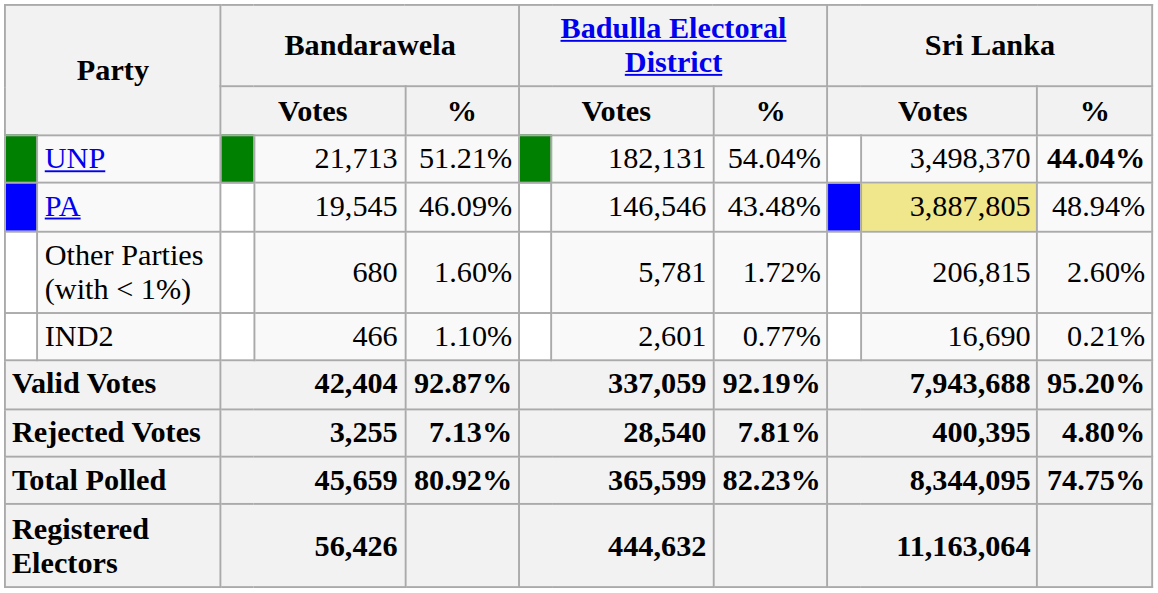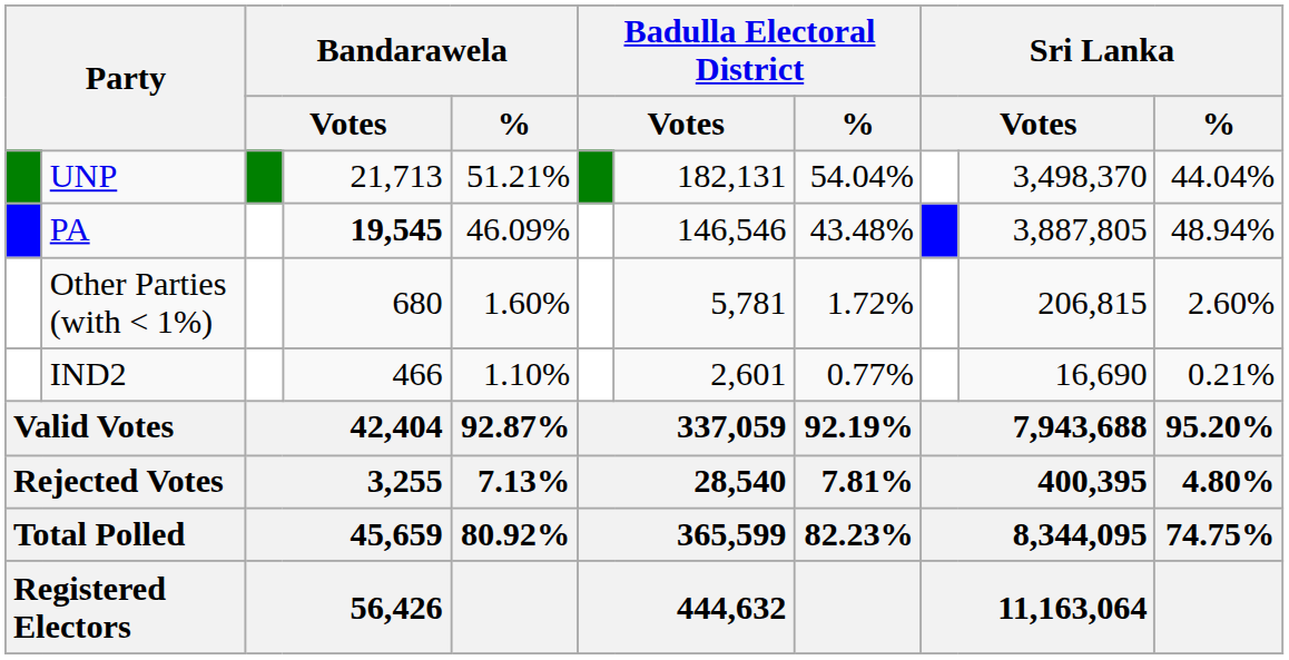 <table class="wikitable">
 <tr>
 <th colspan="2" width="144px"rowspan="2">Party</th>
 <th colspan="3" width="216px">Bandarawela</th>
 <th colspan="3" width="216px"><a href='#'>Badulla Electoral District</a></th>
 <th colspan="3" width="216px">Sri Lanka</th>
 </tr>
 <tr>
 <th colspan="2" width="144px">Votes</th>
 <th>%</th>
 <th colspan="2" width="144px">Votes</th>
 <th>%</th>
 <th colspan="2" width="144px">Votes</th>
 <th>%</th>
 </tr>
 <tr>
 <td style="background-color:green;" width="10px"></td>
 <td style="text-align:left;"><a href='#'>UNP</a></td>
 <td style="background-color:green;" width="10px"></td>
 <td style="text-align:right;">21,713</td>
 <td style="text-align:right;">51.21%</td>
 <td style="background-color:green;" width="10px"></td>
 <td style="text-align:right;">182,131</td>
 <td style="text-align:right;">54.04%</td>
 <td style="background-color:white;" width="10px"></td>
 <td style="text-align:right;">3,498,370</td>
-<td style="text-align:right;"><strong>44.04%</strong></td>
+<td style="text-align:right;">44.04%</td>
 </tr>
 <tr>
 <td style="background-color:blue;" width="10px"></td>
 <td style="text-align:left;"><a href='#'>PA</a></td>
 <td style="background-color:white;" width="10px"></td>
-<td style="text-align:right;">19,545</td>
+<td style="text-align:right;"><strong>19,545</strong></td>
 <td style="text-align:right;">46.09%</td>
 <td style="background-color:white;" width="10px"></td>
 <td style="text-align:right;">146,546</td>
 <td style="text-align:right;">43.48%</td>
 <td style="background-color:blue;" width="10px"></td>
-<td style="background: khaki; text-align:right;">3,887,805</td>
+<td style="text-align:right;">3,887,805</td>
 <td style="text-align:right;">48.94%</td>
 </tr>
 <tr>
 <td style="background-color:white;" width="10px"></td>
 <td style="text-align:left;">Other Parties (with < 1%)</td>
 <td style="background-color:white;" width="10px"></td>
 <td style="text-align:right;">680</td>
 <td style="text-align:right;">1.60%</td>
 <td style="background-color:white;" width="10px"></td>
 <td style="text-align:right;">5,781</td>
 <td style="text-align:right;">1.72%</td>
 <td style="background-color:white;" width="10px"></td>
 <td style="text-align:right;">206,815</td>
 <td style="text-align:right;">2.60%</td>
 </tr>
 <tr>
 <td style="background-color:white;" width="10px"></td>
 <td style="text-align:left;">IND2</td>
 <td style="background-color:white;" width="10px"></td>
 <td style="text-align:right;">466</td>
 <td style="text-align:right;">1.10%</td>
 <td style="background-color:white;" width="10px"></td>
 <td style="text-align:right;">2,601</td>
 <td style="text-align:right;">0.77%</td>
 <td style="background-color:white;" width="10px"></td>
 <td style="text-align:right;">16,690</td>
 <td style="text-align:right;">0.21%</td>
 </tr>
 <tr>
 <th colspan="2" width="144px"style="text-align:left;">Valid Votes</th>
 <th style="text-align:right;"colspan="2" width="144px">42,404</th>
 <th style="text-align:right;">92.87%</th>
 <th style="text-align:right;"colspan="2" width="144px">337,059</th>
 <th style="text-align:right;">92.19%</th>
 <th style="text-align:right;"colspan="2" width="144px">7,943,688</th>
 <th style="text-align:right;">95.20%</th>
 </tr>
 <tr>
 <th colspan="2" width="144px"style="text-align:left;">Rejected Votes</th>
 <th style="text-align:right;"colspan="2" width="144px">3,255</th>
 <th style="text-align:right;">7.13%</th>
 <th style="text-align:right;"colspan="2" width="144px">28,540</th>
 <th style="text-align:right;">7.81%</th>
 <th style="text-align:right;"colspan="2" width="144px">400,395</th>
 <th style="text-align:right;">4.80%</th>
 </tr>
 <tr>
 <th colspan="2" width="144px"style="text-align:left;">Total Polled</th>
 <th style="text-align:right;"colspan="2" width="144px">45,659</th>
 <th style="text-align:right;">80.92%</th>
 <th style="text-align:right;"colspan="2" width="144px">365,599</th>
 <th style="text-align:right;">82.23%</th>
 <th style="text-align:right;"colspan="2" width="144px">8,344,095</th>
 <th style="text-align:right;">74.75%</th>
 </tr>
 <tr>
 <th colspan="2" width="144px"style="text-align:left;">Registered Electors</th>
 <th style="text-align:right;"colspan="2" width="144px">56,426</th>
 <th></th>
 <th style="text-align:right;"colspan="2" width="144px">444,632</th>
 <th></th>
 <th style="text-align:right;"colspan="2" width="144px">11,163,064</th>
 <th></th>
 </tr>
 </table>
